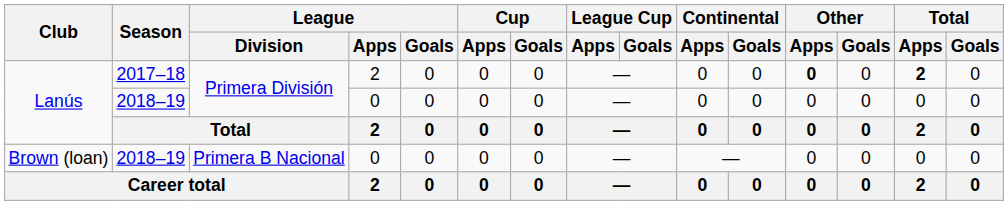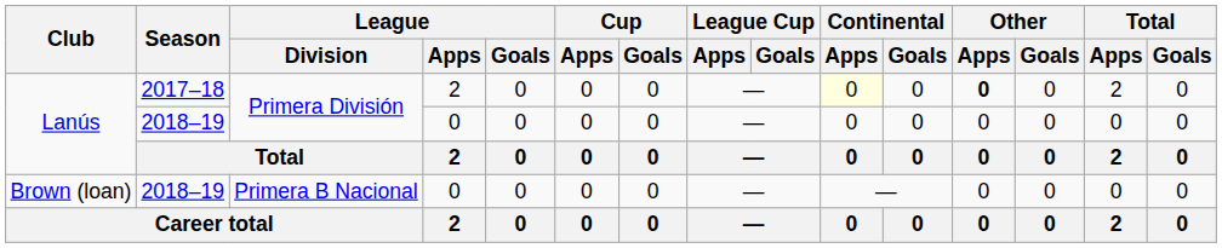 <table class="wikitable" style="text-align:center">
 <tr>
 <th rowspan="2">Club</th>
 <th rowspan="2">Season</th>
 <th colspan="3">League</th>
 <th colspan="2">Cup</th>
 <th colspan="2">League Cup</th>
 <th colspan="2">Continental</th>
 <th colspan="2">Other</th>
 <th colspan="2">Total</th>
 </tr>
 <tr>
 <th>Division</th>
 <th>Apps</th>
 <th>Goals</th>
 <th>Apps</th>
 <th>Goals</th>
 <th>Apps</th>
 <th>Goals</th>
 <th>Apps</th>
 <th>Goals</th>
 <th>Apps</th>
 <th>Goals</th>
 <th>Apps</th>
 <th>Goals</th>
 </tr>
 <tr>
 <td rowspan="3"><a href='#'>Lanús</a></td>
 <td><a href='#'>2017–18</a></td>
 <td rowspan="2"><a href='#'>Primera División</a></td>
 <td>2</td>
 <td>0</td>
 <td>0</td>
 <td>0</td>
 <td colspan="2">—</td>
-<td>0</td>
+<td style="background: lightyellow;">0</td>
 <td>0</td>
 <td><strong>0</strong></td>
 <td>0</td>
-<td><strong>2</strong></td>
+<td>2</td>
 <td>0</td>
 </tr>
 <tr>
 <td><a href='#'>2018–19</a></td>
 <td>0</td>
 <td>0</td>
 <td>0</td>
 <td>0</td>
 <td colspan="2">—</td>
 <td>0</td>
 <td>0</td>
 <td>0</td>
 <td>0</td>
 <td>0</td>
 <td>0</td>
 </tr>
 <tr>
 <th colspan="2">Total</th>
 <th>2</th>
 <th>0</th>
 <th>0</th>
 <th>0</th>
 <th colspan="2">—</th>
 <th>0</th>
 <th>0</th>
 <th>0</th>
 <th>0</th>
 <th>2</th>
 <th>0</th>
 </tr>
 <tr>
 <td rowspan="1"><a href='#'>Brown</a> (loan)</td>
 <td><a href='#'>2018–19</a></td>
 <td rowspan="1"><a href='#'>Primera B Nacional</a></td>
 <td>0</td>
 <td>0</td>
 <td>0</td>
 <td>0</td>
 <td colspan="2">—</td>
 <td colspan="2">—</td>
 <td>0</td>
 <td>0</td>
 <td>0</td>
 <td>0</td>
 </tr>
 <tr>
 <th colspan="3">Career total</th>
 <th>2</th>
 <th>0</th>
 <th>0</th>
 <th>0</th>
 <th colspan="2">—</th>
 <th>0</th>
 <th>0</th>
 <th>0</th>
 <th>0</th>
 <th>2</th>
 <th>0</th>
 </tr>
 </table>
